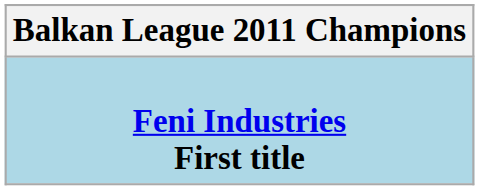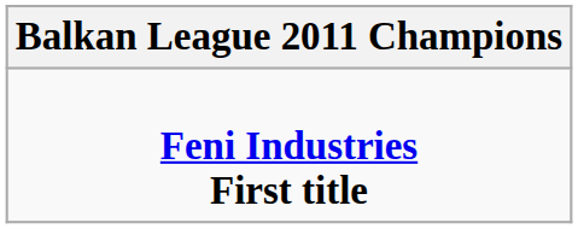 <table class=wikitable style="text-align:center; margin:auto">
 <tr>
 <th>Balkan League 2011 Champions</th>
 </tr>
 <tr>
-<td style="background: lightblue;"><br><strong><a href='#'>Feni Industries</a></strong><br><strong>First title</strong></td>
+<td><br><strong><a href='#'>Feni Industries</a></strong><br><strong>First title</strong></td>
 </tr>
 </table>
